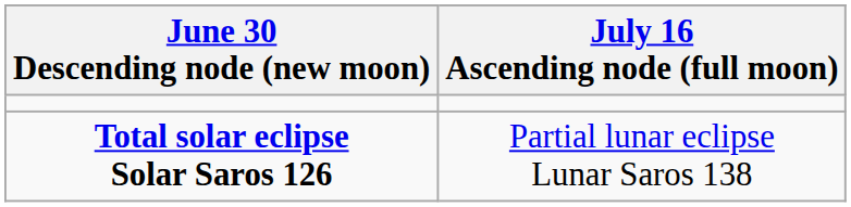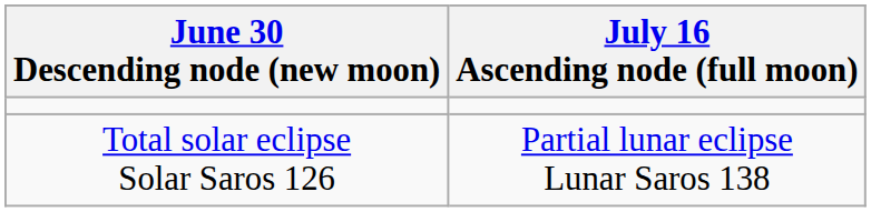 <table class="wikitable">
 <tr>
 <th><a href='#'>June 30</a><br>Descending node (new moon)<br></th>
 <th><a href='#'>July 16</a><br>Ascending node (full moon)</th>
 </tr>
 <tr>
 <td></td>
 <td></td>
 </tr>
 <tr align=center>
-<td><strong><a href='#'>Total solar eclipse</a><br>Solar Saros 126</strong></td>
+<td><a href='#'>Total solar eclipse</a><br>Solar Saros 126</td>
 <td><a href='#'>Partial lunar eclipse</a><br>Lunar Saros 138</td>
 </tr>
 </table>
